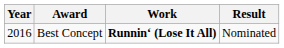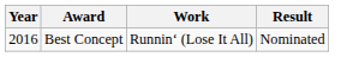 <table class="wikitable">
 <tr>
 <th>Year</th>
 <th>Award</th>
 <th>Work</th>
 <th>Result</th>
 </tr>
 <tr>
 <td>2016</td>
 <td>Best Concept</td>
-<td><strong>Runnin‘ (Lose It All)</strong></td>
+<td>Runnin‘ (Lose It All)</td>
 <td>Nominated</td>
 </tr>
 </table>
